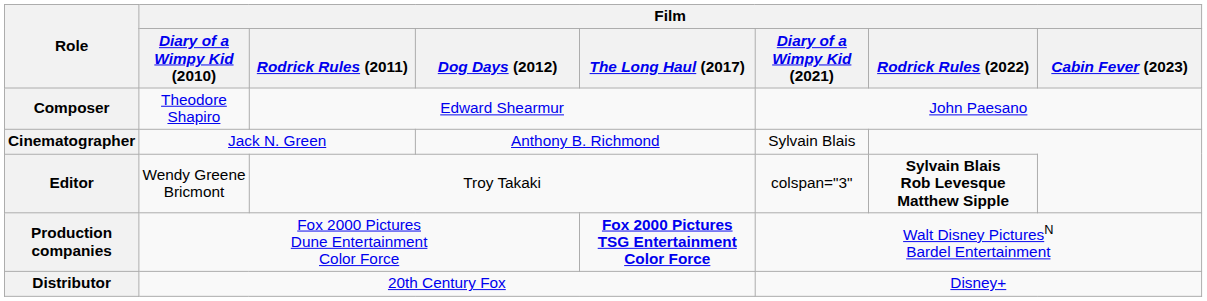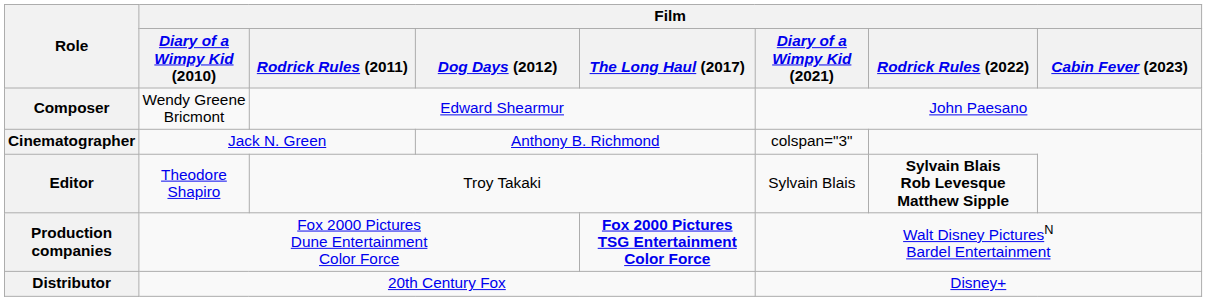 <table class="wikitable" style="text-align:center" "width:125%;">
 <tr>
 <th rowspan="2">Role</th>
 <th colspan="7">Film</th>
 </tr>
 <tr>
 <th style="width:10%;"><em><a href='#'>Diary of a Wimpy Kid</a></em> (2010)</th>
 <th style="width:16%;"><em><a href='#'> <br>Rodrick Rules</a></em> (2011)</th>
 <th style="width:16%;"><em><a href='#'> <br>Dog Days</a></em> (2012)</th>
 <th style="width:16%;"><em><a href='#'> <br>The Long Haul</a></em> (2017)</th>
 <th style="width:10%;"><em><a href='#'>Diary of a Wimpy Kid</a></em> (2021)</th>
 <th style="width:16%;"><em><a href='#'> <br>Rodrick Rules</a></em> (2022)</th>
 <th style="width:16%;"><em><a href='#'> <br>Cabin Fever</a></em> (2023)</th>
 </tr>
 <tr>
 <th>Composer</th>
-<td><a href='#'>Theodore Shapiro</a></td>
+<td>Wendy Greene Bricmont</td>
 <td colspan="3"><a href='#'>Edward Shearmur</a></td>
 <td colspan="3"><a href='#'>John Paesano</a></td>
 </tr>
 <tr>
 <th>Cinematographer</th>
 <td colspan="2"><a href='#'>Jack N. Green</a></td>
 <td colspan="2"><a href='#'>Anthony B. Richmond</a></td>
-<td>Sylvain Blais</td>
+<td>colspan="3" </td>
 </tr>
 <tr>
 <th>Editor</th>
-<td>Wendy Greene Bricmont</td>
+<td><a href='#'>Theodore Shapiro</a></td>
 <td colspan="3">Troy Takaki</td>
-<td>colspan="3" </td>
+<td>Sylvain Blais</td>
 <td><strong>Sylvain Blais<br>Rob Levesque<br>Matthew Sipple</strong></td>
 </tr>
 <tr>
 <th>Production companies</th>
 <td colspan="3"><a href='#'>Fox 2000 Pictures</a><br><a href='#'>Dune Entertainment</a><br><a href='#'>Color Force</a></td>
 <td><strong><a href='#'>Fox 2000 Pictures</a><br><a href='#'>TSG Entertainment</a><br><a href='#'>Color Force</a></strong></td>
 <td colspan="3"><a href='#'>Walt Disney Pictures</a><sup>N</sup><br><a href='#'>Bardel Entertainment</a></td>
 </tr>
 <tr>
 <th>Distributor</th>
 <td colspan="4"><a href='#'>20th Century Fox</a></td>
 <td colspan="3"><a href='#'>Disney+</a></td>
 </tr>
 </table>
